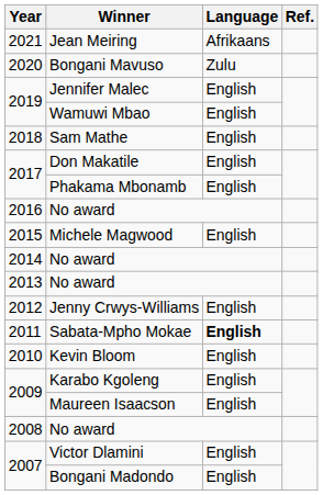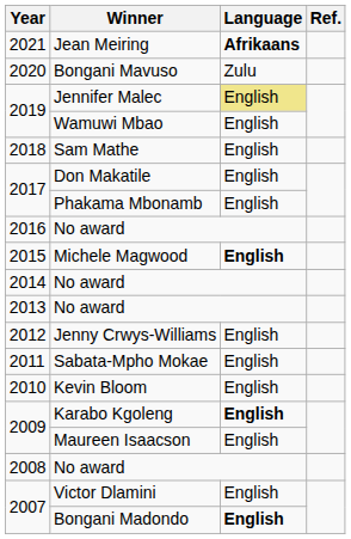 <table class="wikitable sortable">
 <tr>
 <th>Year</th>
 <th>Winner</th>
 <th>Language</th>
 <th>Ref.</th>
 </tr>
 <tr>
 <td>2021</td>
 <td>Jean Meiring</td>
-<td>Afrikaans</td>
+<td><strong>Afrikaans</strong></td>
 <td></td>
 </tr>
 <tr>
 <td>2020</td>
 <td>Bongani Mavuso</td>
 <td>Zulu</td>
 <td></td>
 </tr>
 <tr>
 <td rowspan="2">2019</td>
 <td>Jennifer Malec</td>
-<td>English</td>
+<td style="background: khaki;">English</td>
 <td rowspan="2"></td>
 </tr>
 <tr>
 <td>Wamuwi Mbao</td>
 <td>English</td>
 </tr>
 <tr>
 <td>2018</td>
 <td>Sam Mathe</td>
 <td>English</td>
 <td></td>
 </tr>
 <tr>
 <td rowspan="2">2017</td>
 <td>Don Makatile</td>
 <td>English</td>
 <td rowspan="2"></td>
 </tr>
 <tr>
 <td>Phakama Mbonamb</td>
 <td>English</td>
 </tr>
 <tr>
 <td>2016</td>
 <td colspan="2">No award</td>
 <td></td>
 </tr>
 <tr>
 <td>2015</td>
 <td>Michele Magwood</td>
-<td>English</td>
+<td><strong>English</strong></td>
 <td></td>
 </tr>
 <tr>
 <td>2014</td>
 <td colspan="2">No award</td>
 <td></td>
 </tr>
 <tr>
 <td>2013</td>
 <td colspan="2">No award</td>
 <td></td>
 </tr>
 <tr>
 <td>2012</td>
 <td>Jenny Crwys-Williams</td>
 <td>English</td>
 <td></td>
 </tr>
 <tr>
 <td>2011</td>
 <td>Sabata-Mpho Mokae</td>
-<td><strong>English</strong></td>
+<td>English</td>
 <td></td>
 </tr>
 <tr>
 <td>2010</td>
 <td>Kevin Bloom</td>
 <td>English</td>
 <td></td>
 </tr>
 <tr>
 <td rowspan="2">2009</td>
 <td>Karabo Kgoleng</td>
-<td>English</td>
+<td><strong>English</strong></td>
 <td rowspan="2"></td>
 </tr>
 <tr>
 <td>Maureen Isaacson</td>
 <td>English</td>
 </tr>
 <tr>
 <td>2008</td>
 <td colspan="2">No award</td>
 <td></td>
 </tr>
 <tr>
 <td rowspan="2">2007</td>
 <td>Victor Dlamini</td>
 <td>English</td>
 <td rowspan="2"></td>
 </tr>
 <tr>
 <td>Bongani Madondo</td>
-<td>English</td>
+<td><strong>English</strong></td>
 </tr>
 </table>
